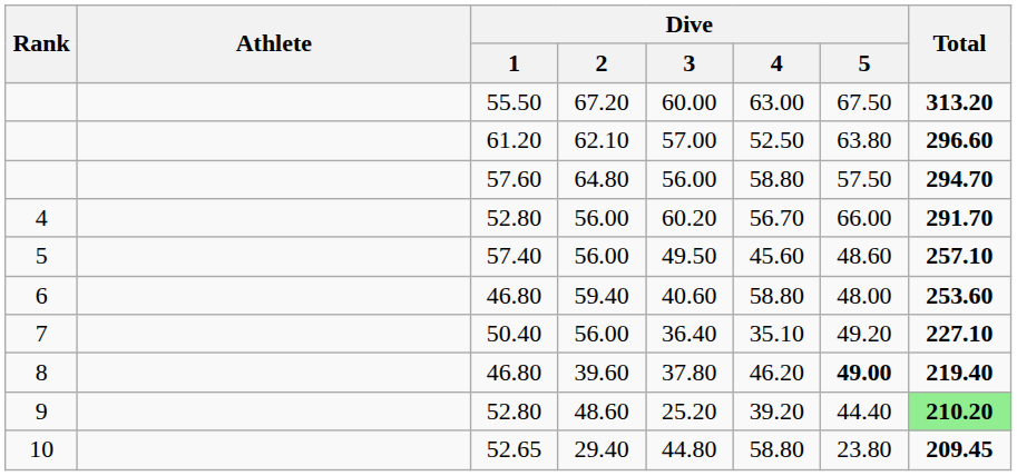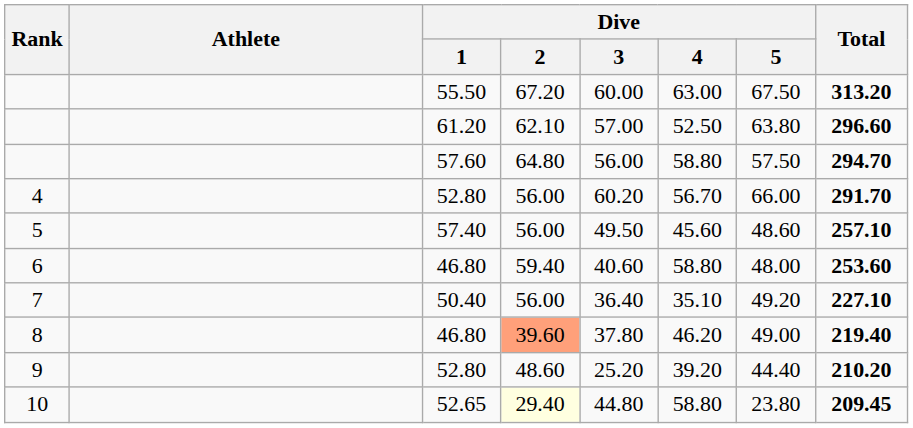 <table class=wikitable style="text-align:center">
 <tr>
 <th rowspan="2" width=40>Rank</th>
 <th rowspan="2" width=250>Athlete</th>
 <th colspan="5">Dive</th>
 <th rowspan="2" width=60>Total</th>
 </tr>
 <tr>
 <th width=50>1</th>
 <th width=50>2</th>
 <th width=50>3</th>
 <th width=50>4</th>
 <th width=50>5</th>
 </tr>
 <tr>
 <td></td>
 <td align=left></td>
 <td>55.50</td>
 <td>67.20</td>
 <td>60.00</td>
 <td>63.00</td>
 <td>67.50</td>
 <td><strong>313.20</strong></td>
 </tr>
 <tr>
 <td></td>
 <td align=left></td>
 <td>61.20</td>
 <td>62.10</td>
 <td>57.00</td>
 <td>52.50</td>
 <td>63.80</td>
 <td><strong>296.60</strong></td>
 </tr>
 <tr>
 <td></td>
 <td align=left></td>
 <td>57.60</td>
 <td>64.80</td>
 <td>56.00</td>
 <td>58.80</td>
 <td>57.50</td>
 <td><strong>294.70</strong></td>
 </tr>
 <tr>
 <td>4</td>
 <td align=left></td>
 <td>52.80</td>
 <td>56.00</td>
 <td>60.20</td>
 <td>56.70</td>
 <td>66.00</td>
 <td><strong>291.70</strong></td>
 </tr>
 <tr>
 <td>5</td>
 <td align=left></td>
 <td>57.40</td>
 <td>56.00</td>
 <td>49.50</td>
 <td>45.60</td>
 <td>48.60</td>
 <td><strong>257.10</strong></td>
 </tr>
 <tr>
 <td>6</td>
 <td align=left></td>
 <td>46.80</td>
 <td>59.40</td>
 <td>40.60</td>
 <td>58.80</td>
 <td>48.00</td>
 <td><strong>253.60</strong></td>
 </tr>
 <tr>
 <td>7</td>
 <td align=left></td>
 <td>50.40</td>
 <td>56.00</td>
 <td>36.40</td>
 <td>35.10</td>
 <td>49.20</td>
 <td><strong>227.10</strong></td>
 </tr>
 <tr>
 <td>8</td>
 <td align=left></td>
 <td>46.80</td>
-<td>39.60</td>
+<td style="background: lightsalmon;">39.60</td>
 <td>37.80</td>
 <td>46.20</td>
-<td><strong>49.00</strong></td>
+<td>49.00</td>
 <td><strong>219.40</strong></td>
 </tr>
 <tr>
 <td>9</td>
 <td align=left></td>
 <td>52.80</td>
 <td>48.60</td>
 <td>25.20</td>
 <td>39.20</td>
 <td>44.40</td>
-<td style="background: lightgreen;"><strong>210.20</strong></td>
+<td><strong>210.20</strong></td>
 </tr>
 <tr>
 <td>10</td>
 <td align=left></td>
 <td>52.65</td>
-<td>29.40</td>
+<td style="background: lightyellow;">29.40</td>
 <td>44.80</td>
 <td>58.80</td>
 <td>23.80</td>
 <td><strong>209.45</strong></td>
 </tr>
 </table>
